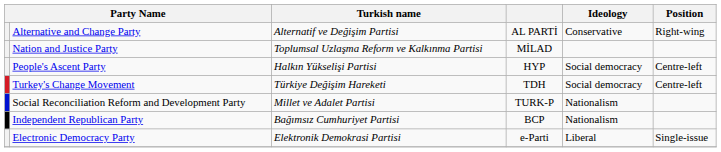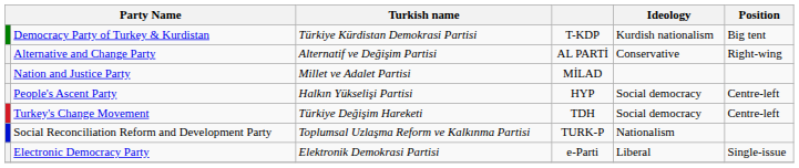 <table class="wikitable sortable" style="text-align:left;;width: 60%;font-size:90%">
 <tr>
 <th style="background-color:#FFFFF; color:black;" colspan="2">Party Name</th>
 <th>Turkish name</th>
 <th style="background-color:#FFFFF; color:black;"></th>
 <th style="background-color:#FFFFF; color:black;">Ideology</th>
 <th style="background-color:#FFFFF; color:black;">Position</th>
+</tr>
+<tr>
+<th style="background-color:#008000"></th>
+<td><a href='#'>Democracy Party of Turkey & Kurdistan</a></td>
+<td><em>Türkiye Kürdistan Demokrasi Partisi</em></td>
+<td align="center">T-KDP</td>
+<td>Kurdish nationalism</td>
+<td>Big tent</td>
 </tr>
 <tr>
 <th style="background-color:"></th>
 <td><a href='#'>Alternative and Change Party</a></td>
 <td><em>Alternatif ve Değişim Partisi</em></td>
 <td align="center">AL PARTİ</td>
 <td>Conservative</td>
 <td>Right-wing</td>
 </tr>
 <tr>
 <th style="background-color:"></th>
 <td><a href='#'>Nation and Justice Party</a></td>
-<td><em>Toplumsal Uzlaşma Reform ve Kalkınma Partisi</em></td>
+<td><em>Millet ve Adalet Partisi</em></td>
 <td align="center">MİLAD</td>
 <td></td>
 <td></td>
 </tr>
 <tr>
 <th style="background-color:"></th>
 <td><a href='#'>People's Ascent Party</a></td>
 <td><em>Halkın Yükselişi Partisi</em></td>
 <td align="center">HYP</td>
 <td>Social democracy</td>
 <td>Centre-left</td>
 </tr>
 <tr>
 <th style="background-color:#D51B26"></th>
 <td><a href='#'>Turkey's Change Movement</a></td>
 <td><em>Türkiye Değişim Hareketi</em></td>
 <td align="center">TDH</td>
 <td>Social democracy</td>
 <td>Centre-left</td>
 </tr>
 <tr>
 <th style="background-color:#0011D1"></th>
 <td>Social Reconciliation Reform and Development Party</td>
-<td><em>Millet ve Adalet Partisi</em></td>
+<td><em>Toplumsal Uzlaşma Reform ve Kalkınma Partisi</em></td>
 <td align="center">TURK-P</td>
-<td>Nationalism</td>
-<td></td>
-</tr>
-<tr>
-<th style="background-color:Black"></th>
-<td><a href='#'>Independent Republican Party</a></td>
-<td><em>Bağımsız Cumhuriyet Partisi</em></td>
-<td align="center">BCP</td>
 <td>Nationalism</td>
 <td></td>
 </tr>
 <tr>
 <th style="background-color:"></th>
 <td><a href='#'>Electronic Democracy Party</a></td>
 <td><em>Elektronik Demokrasi Partisi</em></td>
 <td align="center">e-Parti</td>
 <td>Liberal</td>
 <td>Single-issue</td>
 </tr>
 <tr>
 </tr>
 </table>
